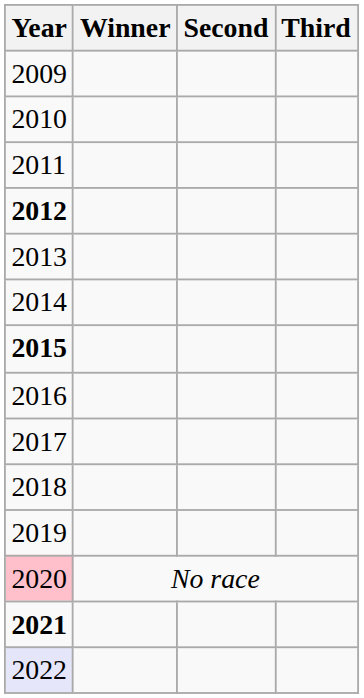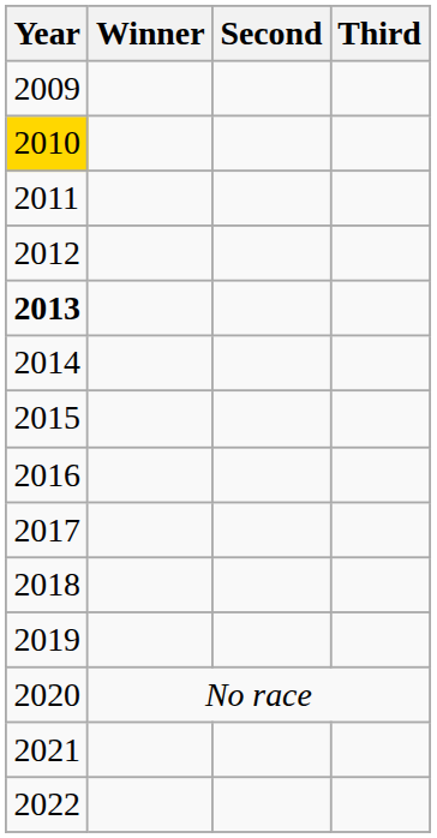 <table class="wikitable" style="font-size:95%">
 <tr>
 <th>Year</th>
 <th>Winner</th>
 <th>Second</th>
 <th>Third</th>
 </tr>
 <tr>
 <td>2009</td>
 <td></td>
 <td></td>
 <td></td>
 </tr>
 <tr>
-<td>2010</td>
+<td style="background: gold;">2010</td>
 <td></td>
 <td></td>
 <td></td>
 </tr>
 <tr>
 <td>2011</td>
 <td></td>
 <td></td>
 <td></td>
 </tr>
 <tr>
-<td><strong>2012</strong></td>
+<td>2012</td>
 <td></td>
 <td></td>
 <td></td>
 </tr>
 <tr>
-<td>2013</td>
+<td><strong>2013</strong></td>
 <td></td>
 <td></td>
 <td></td>
 </tr>
 <tr>
 <td>2014</td>
 <td></td>
 <td></td>
 <td></td>
 </tr>
 <tr>
-<td><strong>2015</strong></td>
+<td>2015</td>
 <td></td>
 <td></td>
 <td></td>
 </tr>
 <tr>
 <td>2016</td>
 <td></td>
 <td></td>
 <td></td>
 </tr>
 <tr>
 <td>2017</td>
 <td></td>
 <td></td>
 <td></td>
 </tr>
 <tr>
 <td>2018</td>
 <td></td>
 <td></td>
 <td></td>
 </tr>
 <tr>
 <td>2019</td>
 <td></td>
 <td></td>
 <td></td>
 </tr>
 <tr>
-<td style="background: pink;">2020</td>
+<td>2020</td>
 <td colspan=3; align=center><em>No race</em></td>
 </tr>
 <tr>
-<td><strong>2021</strong></td>
+<td>2021</td>
 <td></td>
 <td></td>
 <td></td>
 </tr>
 <tr>
-<td style="background: lavender;">2022</td>
+<td>2022</td>
 <td></td>
 <td></td>
 <td></td>
 </tr>
 </table>
